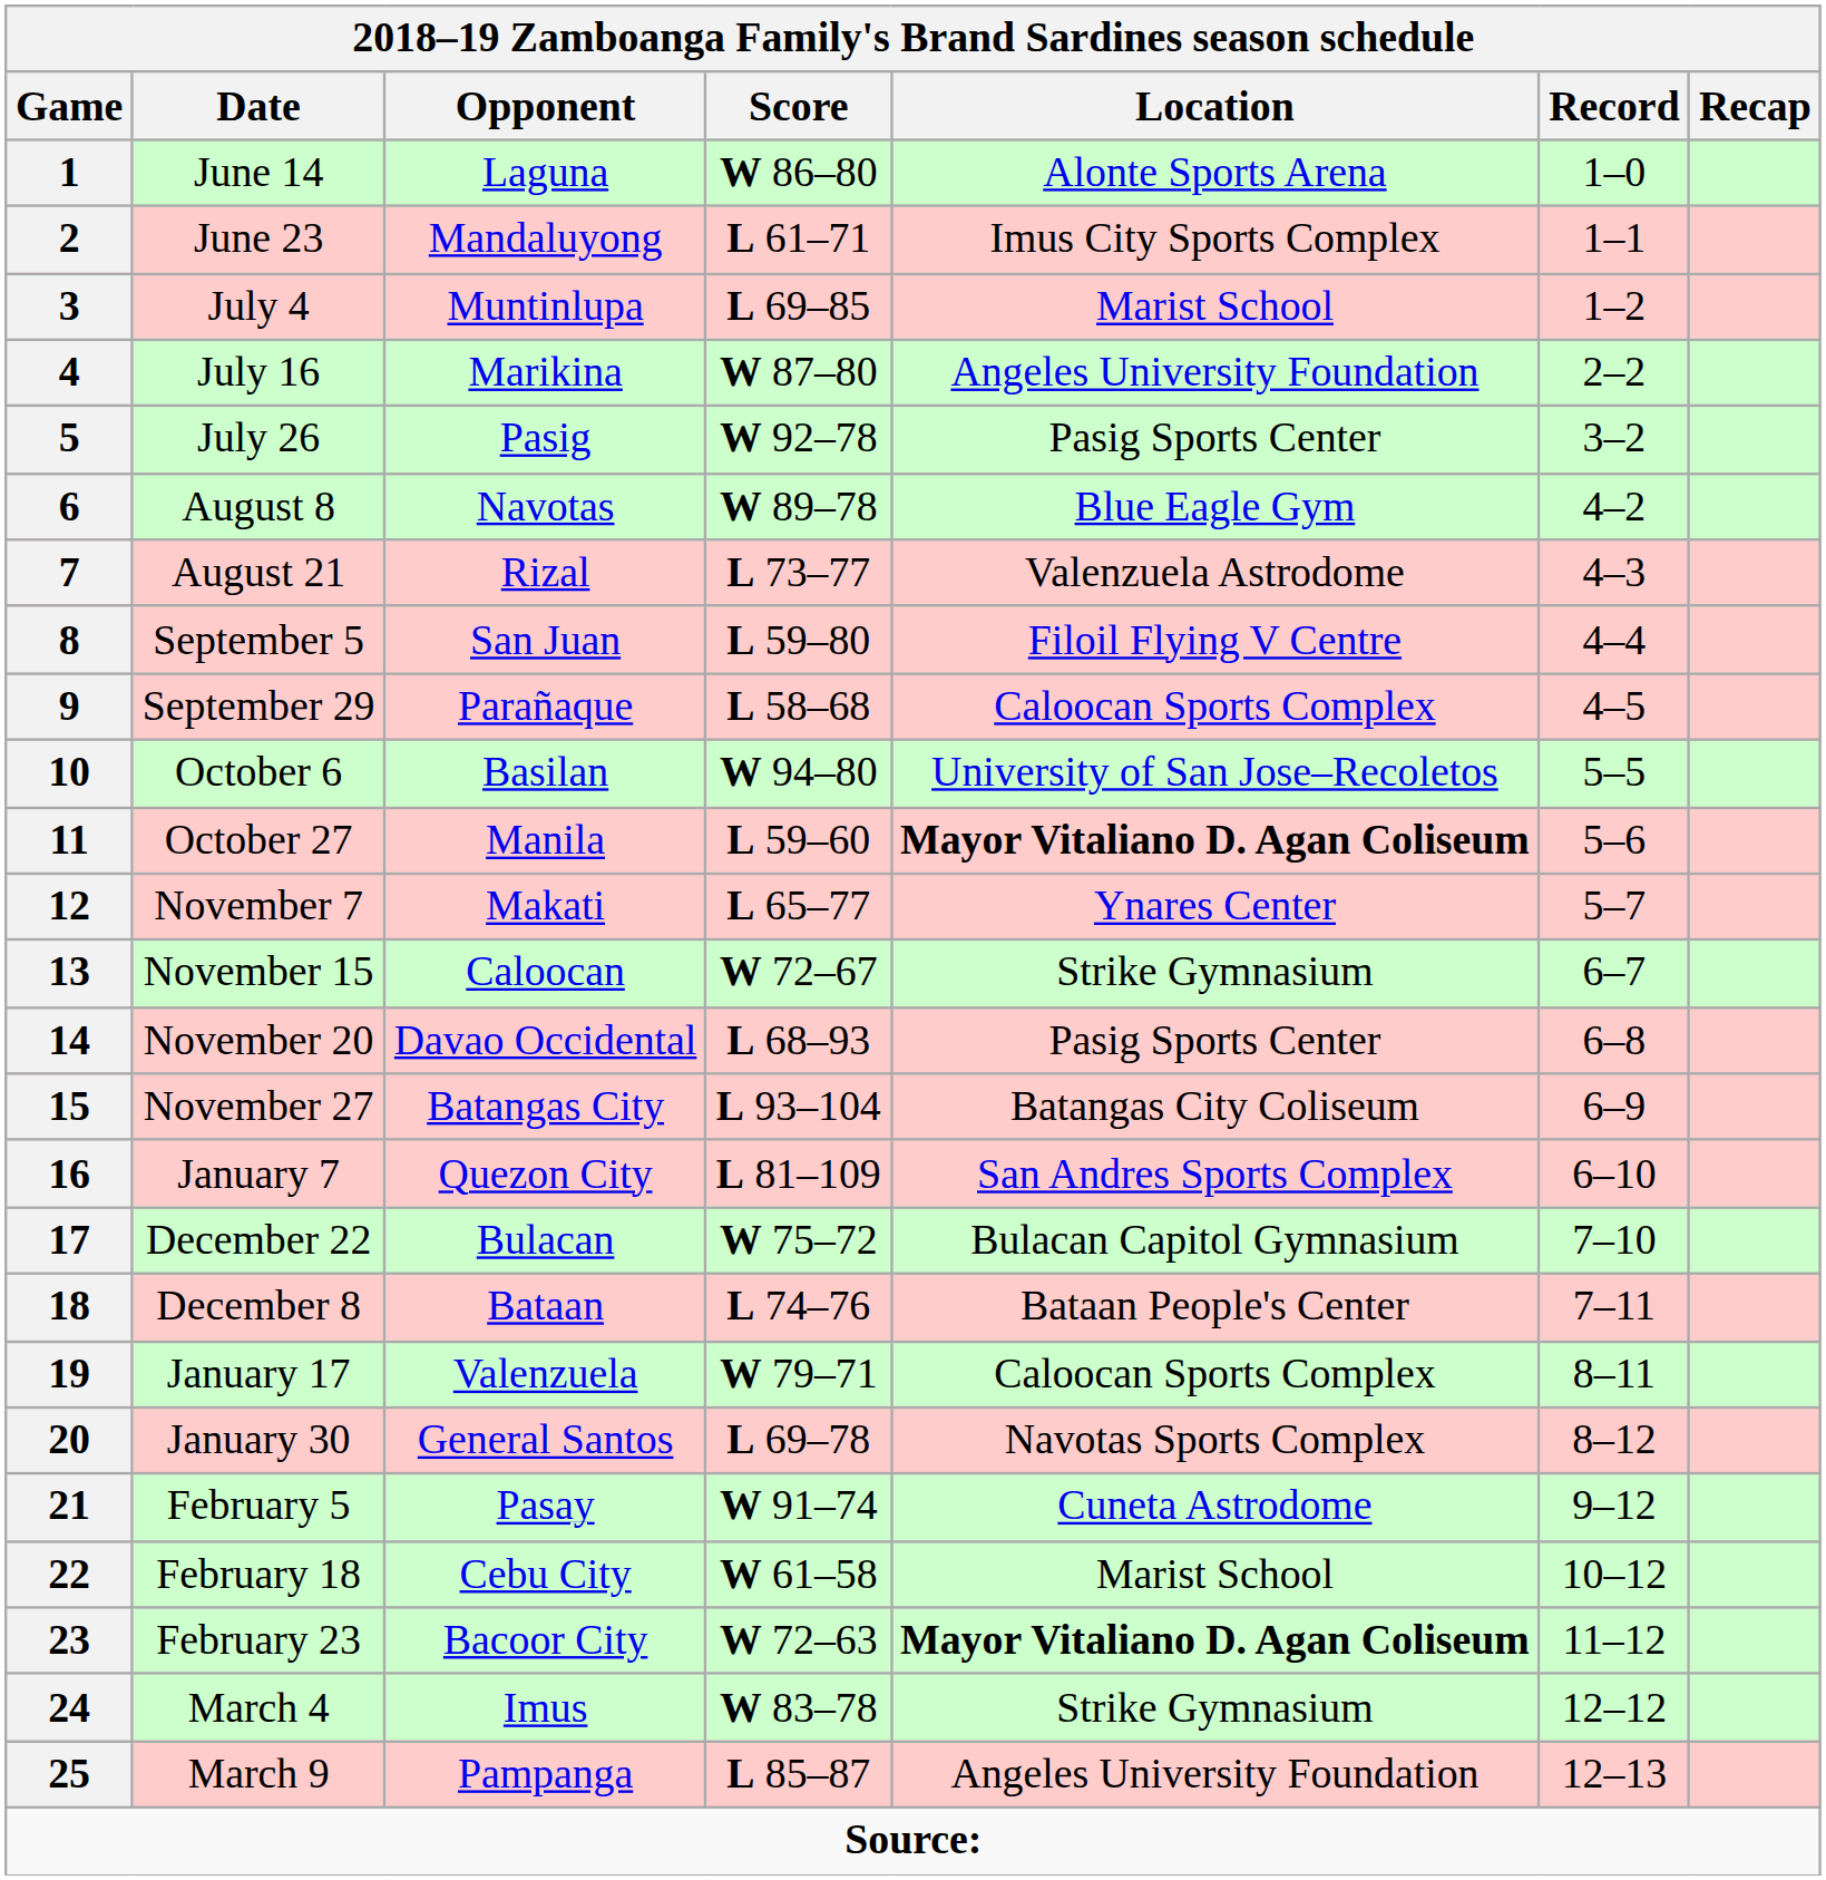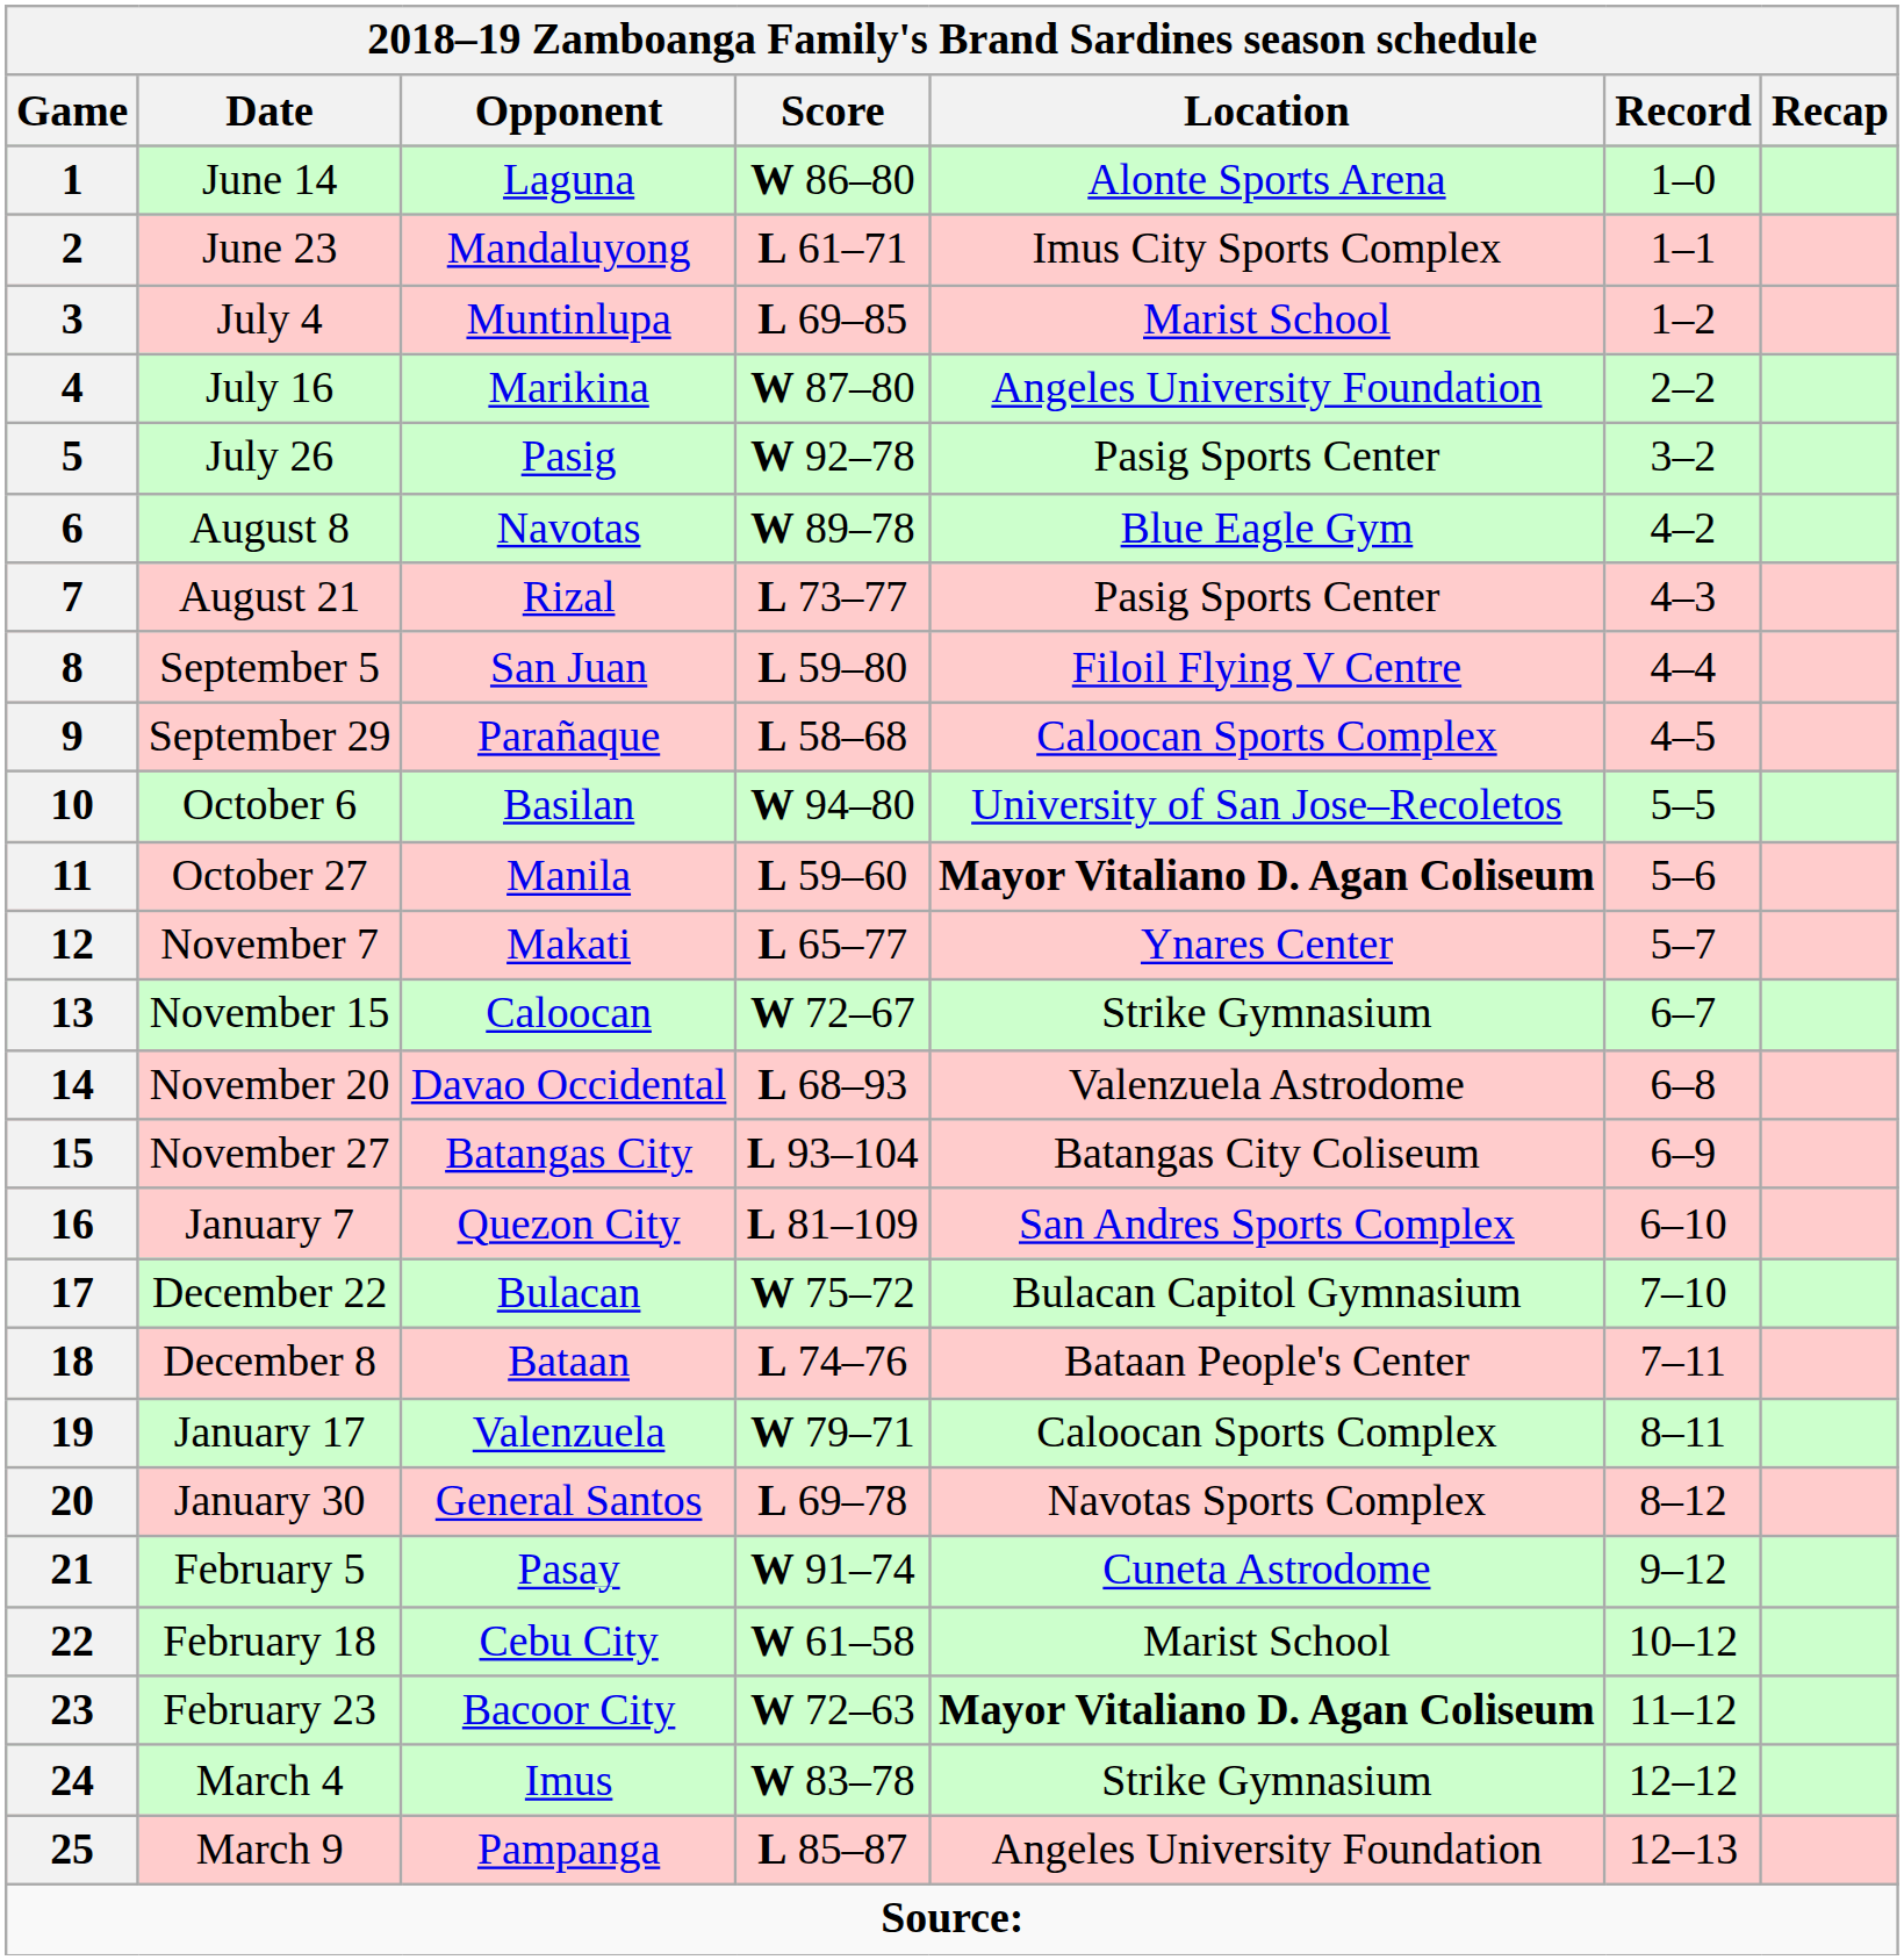 <table class="wikitable" style="text-align:center">
 <tr>
 <th colspan=7>2018–19 Zamboanga Family's Brand Sardines season schedule</th>
 </tr>
 <tr>
 <th>Game</th>
 <th>Date</th>
 <th>Opponent</th>
 <th>Score</th>
 <th>Location</th>
 <th>Record</th>
 <th>Recap<br></th>
 </tr>
 <tr style="background:#cfc">
 <th>1</th>
 <td>June 14</td>
 <td><a href='#'>Laguna</a></td>
 <td><strong>W</strong> 86–80</td>
 <td><a href='#'>Alonte Sports Arena</a></td>
 <td>1–0</td>
 <td></td>
 </tr>
 <tr style="background:#fcc">
 <th>2</th>
 <td>June 23</td>
 <td><a href='#'>Mandaluyong</a></td>
 <td><strong>L</strong> 61–71</td>
 <td>Imus City Sports Complex</td>
 <td>1–1</td>
 <td></td>
 </tr>
 <tr style="background:#fcc">
 <th>3</th>
 <td>July 4</td>
 <td><a href='#'>Muntinlupa</a></td>
 <td><strong>L</strong> 69–85</td>
 <td><a href='#'>Marist School</a></td>
 <td>1–2</td>
 <td></td>
 </tr>
 <tr style="background:#cfc">
 <th>4</th>
 <td>July 16</td>
 <td><a href='#'>Marikina</a></td>
 <td><strong>W</strong> 87–80</td>
 <td><a href='#'>Angeles University Foundation</a></td>
 <td>2–2</td>
 <td></td>
 </tr>
 <tr style="background:#cfc">
 <th>5</th>
 <td>July 26</td>
 <td><a href='#'>Pasig</a></td>
 <td><strong>W</strong> 92–78</td>
 <td>Pasig Sports Center</td>
 <td>3–2</td>
 <td></td>
 </tr>
 <tr style="background:#cfc">
 <th>6</th>
 <td>August 8</td>
 <td><a href='#'>Navotas</a></td>
 <td><strong>W</strong> 89–78</td>
 <td><a href='#'>Blue Eagle Gym</a></td>
 <td>4–2</td>
 <td></td>
 </tr>
 <tr style="background:#fcc">
 <th>7</th>
 <td>August 21</td>
 <td><a href='#'>Rizal</a></td>
 <td><strong>L</strong> 73–77</td>
-<td>Valenzuela Astrodome</td>
+<td>Pasig Sports Center</td>
 <td>4–3</td>
 <td></td>
 </tr>
 <tr style="background:#fcc">
 <th>8</th>
 <td>September 5</td>
 <td><a href='#'>San Juan</a></td>
 <td><strong>L</strong> 59–80</td>
 <td><a href='#'>Filoil Flying V Centre</a></td>
 <td>4–4</td>
 <td></td>
 </tr>
 <tr style="background:#fcc">
 <th>9</th>
 <td>September 29</td>
 <td><a href='#'>Parañaque</a></td>
 <td><strong>L</strong> 58–68</td>
 <td><a href='#'>Caloocan Sports Complex</a></td>
 <td>4–5</td>
 <td><br></td>
 </tr>
 <tr style="background:#cfc">
 <th>10</th>
 <td>October 6</td>
 <td><a href='#'>Basilan</a></td>
 <td><strong>W</strong> 94–80</td>
 <td><a href='#'>University of San Jose–Recoletos</a></td>
 <td>5–5</td>
 <td></td>
 </tr>
 <tr style="background:#fcc">
 <th>11</th>
 <td>October 27</td>
 <td><a href='#'>Manila</a></td>
 <td><strong>L</strong> 59–60</td>
 <td><strong>Mayor Vitaliano D. Agan Coliseum</strong></td>
 <td>5–6</td>
 <td></td>
 </tr>
 <tr style="background:#fcc">
 <th>12</th>
 <td>November 7</td>
 <td><a href='#'>Makati</a></td>
 <td><strong>L</strong> 65–77</td>
 <td><a href='#'>Ynares Center</a></td>
 <td>5–7</td>
 <td></td>
 </tr>
 <tr style="background:#cfc">
 <th>13</th>
 <td>November 15</td>
 <td><a href='#'>Caloocan</a></td>
 <td><strong>W</strong> 72–67</td>
 <td>Strike Gymnasium</td>
 <td>6–7</td>
 <td></td>
 </tr>
 <tr style="background:#fcc">
 <th>14</th>
 <td>November 20</td>
 <td><a href='#'>Davao Occidental</a></td>
 <td><strong>L</strong> 68–93</td>
-<td>Pasig Sports Center</td>
+<td>Valenzuela Astrodome</td>
 <td>6–8</td>
 <td></td>
 </tr>
 <tr style="background:#fcc">
 <th>15</th>
 <td>November 27</td>
 <td><a href='#'>Batangas City</a></td>
 <td><strong>L</strong> 93–104</td>
 <td>Batangas City Coliseum</td>
 <td>6–9</td>
 <td></td>
 </tr>
 <tr style="background:#fcc">
 <th>16</th>
 <td>January 7</td>
 <td><a href='#'>Quezon City</a></td>
 <td><strong>L</strong> 81–109</td>
 <td><a href='#'>San Andres Sports Complex</a></td>
 <td>6–10</td>
 <td></td>
 </tr>
 <tr style="background:#cfc">
 <th>17</th>
 <td>December 22</td>
 <td><a href='#'>Bulacan</a></td>
 <td><strong>W</strong> 75–72</td>
 <td>Bulacan Capitol Gymnasium</td>
 <td>7–10</td>
 <td><br></td>
 </tr>
 <tr style="background:#fcc">
 <th>18</th>
 <td>December 8</td>
 <td><a href='#'>Bataan</a></td>
 <td><strong>L</strong> 74–76</td>
 <td>Bataan People's Center</td>
 <td>7–11</td>
 <td></td>
 </tr>
 <tr style="background:#cfc">
 <th>19</th>
 <td>January 17</td>
 <td><a href='#'>Valenzuela</a></td>
 <td><strong>W</strong> 79–71</td>
 <td>Caloocan Sports Complex</td>
 <td>8–11</td>
 <td></td>
 </tr>
 <tr style="background:#fcc">
 <th>20</th>
 <td>January 30</td>
 <td><a href='#'>General Santos</a></td>
 <td><strong>L</strong> 69–78</td>
 <td>Navotas Sports Complex</td>
 <td>8–12</td>
 <td></td>
 </tr>
 <tr style="background:#cfc">
 <th>21</th>
 <td>February 5</td>
 <td><a href='#'>Pasay</a></td>
 <td><strong>W</strong> 91–74</td>
 <td><a href='#'>Cuneta Astrodome</a></td>
 <td>9–12</td>
 <td></td>
 </tr>
 <tr style="background:#cfc">
 <th>22</th>
 <td>February 18</td>
 <td><a href='#'>Cebu City</a></td>
 <td><strong>W</strong> 61–58</td>
 <td>Marist School</td>
 <td>10–12</td>
 <td></td>
 </tr>
 <tr style="background:#cfc">
 <th>23</th>
 <td>February 23</td>
 <td><a href='#'>Bacoor City</a></td>
 <td><strong>W</strong> 72–63</td>
 <td><strong>Mayor Vitaliano D. Agan Coliseum</strong></td>
 <td>11–12</td>
 <td></td>
 </tr>
 <tr style="background:#cfc">
 <th>24</th>
 <td>March 4</td>
 <td><a href='#'>Imus</a></td>
 <td><strong>W</strong> 83–78</td>
 <td>Strike Gymnasium</td>
 <td>12–12</td>
 <td></td>
 </tr>
 <tr style="background:#fcc">
 <th>25</th>
 <td>March 9</td>
 <td><a href='#'>Pampanga</a></td>
 <td><strong>L</strong> 85–87</td>
 <td>Angeles University Foundation</td>
 <td>12–13</td>
 <td></td>
 </tr>
 <tr>
 <td colspan=7 align=center><strong>Source: </strong></td>
 </tr>
 </table>
